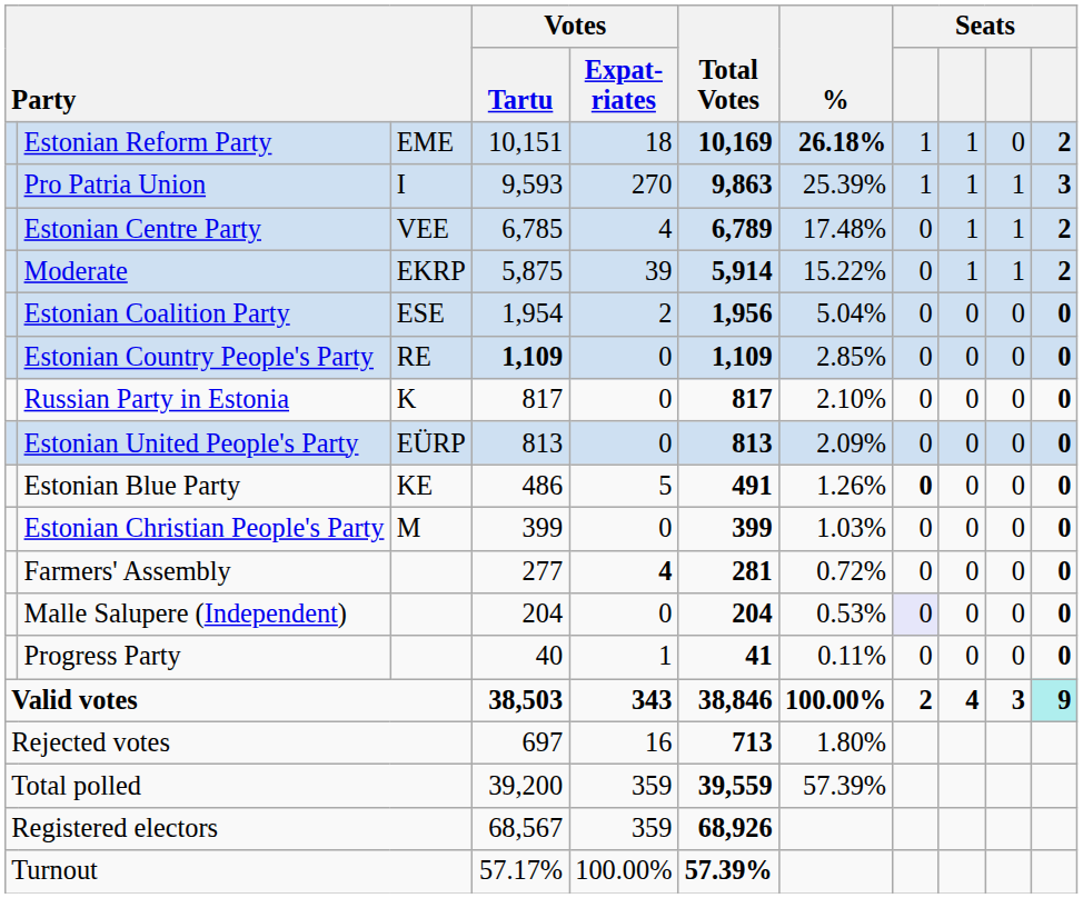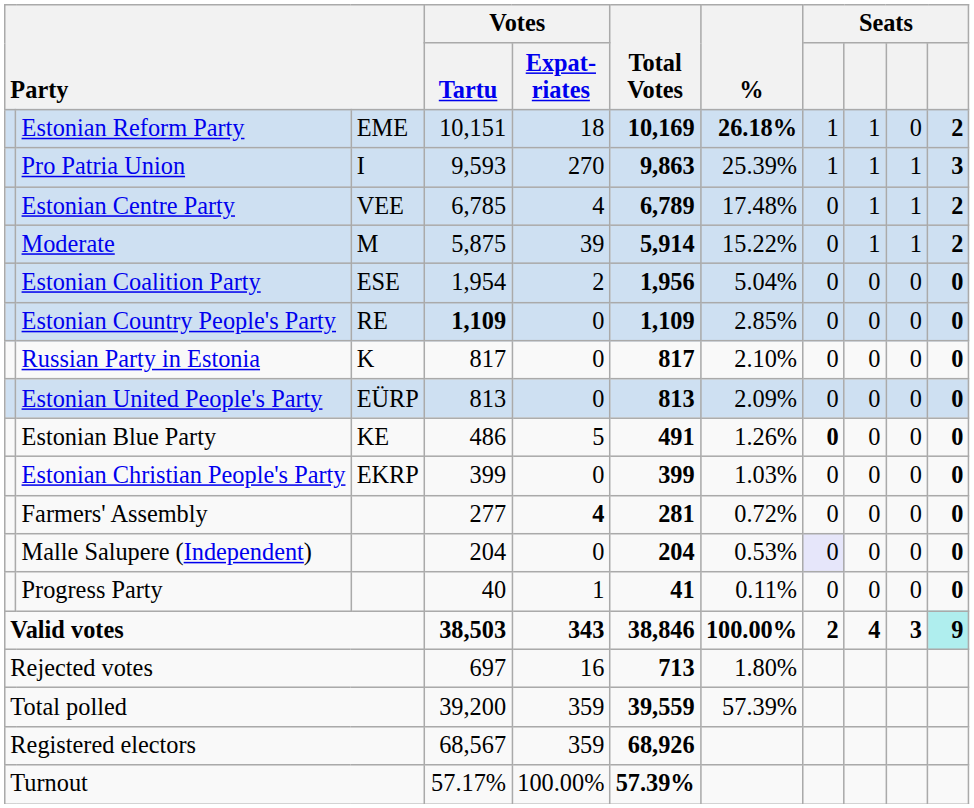 <table class="wikitable" border="1" style="text-align:right;">
 <tr>
 <th style="text-align:left;" valign=bottom rowspan=2 colspan=3>Party</th>
 <th colspan=2>Votes</th>
 <th align=center valign=bottom rowspan=2 width="50">Total Votes</th>
 <th align=center valign=bottom rowspan=2 width="50">%</th>
 <th colspan=4>Seats</th>
 </tr>
 <tr>
 <th align=center valign=bottom width="50"><a href='#'>Tartu</a></th>
 <th align=center valign=bottom width="50"><a href='#'>Expat- riates</a></th>
 <th align=center valign=bottom width="20"><small></small></th>
 <th align=center valign=bottom width="20"><small></small></th>
 <th align=center valign=bottom width="20"><small></small></th>
 <th align=center valign=bottom width="20"><small></small></th>
 </tr>
 <tr style="background:#CEE0F2;">
 <td style="background:"></td>
 <td align=left><a href='#'>Estonian Reform Party</a></td>
 <td align=left>EME</td>
 <td>10,151</td>
 <td>18</td>
 <td><strong>10,169</strong></td>
 <td><strong>26.18%</strong></td>
 <td>1</td>
 <td>1</td>
 <td>0</td>
 <td><strong>2</strong></td>
 </tr>
 <tr style="background:#CEE0F2;">
 <td style="background:"></td>
 <td align=left><a href='#'>Pro Patria Union</a></td>
 <td align=left>I</td>
 <td>9,593</td>
 <td>270</td>
 <td><strong>9,863</strong></td>
 <td>25.39%</td>
 <td>1</td>
 <td>1</td>
 <td>1</td>
 <td><strong>3</strong></td>
 </tr>
 <tr style="background:#CEE0F2;">
 <td style="background:"></td>
 <td align=left><a href='#'>Estonian Centre Party</a></td>
 <td align=left>VEE</td>
 <td>6,785</td>
 <td>4</td>
 <td><strong>6,789</strong></td>
 <td>17.48%</td>
 <td>0</td>
 <td>1</td>
 <td>1</td>
 <td><strong>2</strong></td>
 </tr>
 <tr style="background:#CEE0F2;">
 <td style="background:"></td>
 <td align=left><a href='#'>Moderate</a></td>
-<td align=left>EKRP</td>
+<td align=left>M</td>
 <td>5,875</td>
 <td>39</td>
 <td><strong>5,914</strong></td>
 <td>15.22%</td>
 <td>0</td>
 <td>1</td>
 <td>1</td>
 <td><strong>2</strong></td>
 </tr>
 <tr style="background:#CEE0F2;">
 <td style="background:"></td>
 <td align=left><a href='#'>Estonian Coalition Party</a></td>
 <td align=left>ESE</td>
 <td>1,954</td>
 <td>2</td>
 <td><strong>1,956</strong></td>
 <td>5.04%</td>
 <td>0</td>
 <td>0</td>
 <td>0</td>
 <td><strong>0</strong></td>
 </tr>
 <tr style="background:#CEE0F2;">
 <td style="background:"></td>
 <td align=left><a href='#'>Estonian Country People's Party</a></td>
 <td align=left>RE</td>
 <td><strong>1,109</strong></td>
 <td>0</td>
 <td><strong>1,109</strong></td>
 <td>2.85%</td>
 <td>0</td>
 <td>0</td>
 <td>0</td>
 <td><strong>0</strong></td>
 </tr>
 <tr>
 <td></td>
 <td align=left><a href='#'>Russian Party in Estonia</a></td>
 <td align=left>K</td>
 <td>817</td>
 <td>0</td>
 <td><strong>817</strong></td>
 <td>2.10%</td>
 <td>0</td>
 <td>0</td>
 <td>0</td>
 <td><strong>0</strong></td>
 </tr>
 <tr style="background:#CEE0F2;">
 <td style="background:"></td>
 <td align=left><a href='#'>Estonian United People's Party</a></td>
 <td align=left>EÜRP</td>
 <td>813</td>
 <td>0</td>
 <td><strong>813</strong></td>
 <td>2.09%</td>
 <td>0</td>
 <td>0</td>
 <td>0</td>
 <td><strong>0</strong></td>
 </tr>
 <tr>
 <td></td>
 <td align=left>Estonian Blue Party</td>
 <td align=left>KE</td>
 <td>486</td>
 <td>5</td>
 <td><strong>491</strong></td>
 <td>1.26%</td>
 <td><strong>0</strong></td>
 <td>0</td>
 <td>0</td>
 <td><strong>0</strong></td>
 </tr>
 <tr>
 <td style="background:"></td>
 <td align=left><a href='#'>Estonian Christian People's Party</a></td>
-<td align=left>M</td>
+<td align=left>EKRP</td>
 <td>399</td>
 <td>0</td>
 <td><strong>399</strong></td>
 <td>1.03%</td>
 <td>0</td>
 <td>0</td>
 <td>0</td>
 <td><strong>0</strong></td>
 </tr>
 <tr>
 <td></td>
 <td align=left>Farmers' Assembly</td>
 <td></td>
 <td>277</td>
 <td><strong>4</strong></td>
 <td><strong>281</strong></td>
 <td>0.72%</td>
 <td>0</td>
 <td>0</td>
 <td>0</td>
 <td><strong>0</strong></td>
 </tr>
 <tr>
 <td style="background:"></td>
 <td align=left>Malle Salupere (<a href='#'>Independent</a>)</td>
 <td></td>
 <td>204</td>
 <td>0</td>
 <td><strong>204</strong></td>
 <td>0.53%</td>
 <td style="background: lavender;">0</td>
 <td>0</td>
 <td>0</td>
 <td><strong>0</strong></td>
 </tr>
 <tr>
 <td></td>
 <td align=left>Progress Party</td>
 <td></td>
 <td>40</td>
 <td>1</td>
 <td><strong>41</strong></td>
 <td>0.11%</td>
 <td>0</td>
 <td>0</td>
 <td>0</td>
 <td><strong>0</strong></td>
 </tr>
 <tr style="font-weight:bold">
 <td align=left colspan=3>Valid votes</td>
 <td>38,503</td>
 <td>343</td>
 <td>38,846</td>
 <td>100.00%</td>
 <td>2</td>
 <td>4</td>
 <td>3</td>
 <td style="background: paleturquoise;">9</td>
 </tr>
 <tr>
 <td align=left colspan=3>Rejected votes</td>
 <td>697</td>
 <td>16</td>
 <td><strong>713</strong></td>
 <td>1.80%</td>
 <td></td>
 <td></td>
 <td></td>
 <td></td>
 </tr>
 <tr>
 <td align=left colspan=3>Total polled</td>
 <td>39,200</td>
 <td>359</td>
 <td><strong>39,559</strong></td>
 <td>57.39%</td>
 <td></td>
 <td></td>
 <td></td>
 <td></td>
 </tr>
 <tr>
 <td align=left colspan=3>Registered electors</td>
 <td>68,567</td>
 <td>359</td>
 <td><strong>68,926</strong></td>
 <td></td>
 <td></td>
 <td></td>
 <td></td>
 <td></td>
 </tr>
 <tr>
 <td align=left colspan=3>Turnout</td>
 <td>57.17%</td>
 <td>100.00%</td>
 <td><strong>57.39%</strong></td>
 <td></td>
 <td></td>
 <td></td>
 <td></td>
 <td></td>
 </tr>
 </table>
